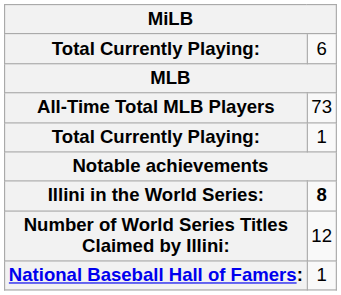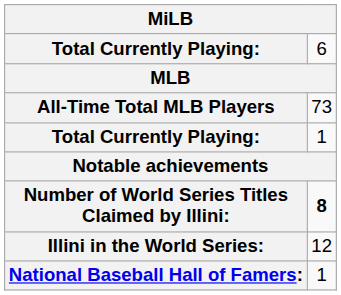 <table class="wikitable" style="text-align: center;">
 <tr>
 <th colspan="2">MiLB</th>
 </tr>
 <tr>
 <th>Total Currently Playing:</th>
 <td align=center>6</td>
 </tr>
 <tr>
 <th colspan="2">MLB</th>
 </tr>
 <tr>
 <th>All-Time Total MLB Players</th>
 <td align=center>73</td>
 </tr>
 <tr>
 <th>Total Currently Playing:</th>
 <td align=center>1</td>
 </tr>
 <tr>
 <th colspan="2">Notable achievements</th>
 </tr>
 <tr>
-<th>Illini in the World Series:</th>
+<th>Number of World Series Titles<br>Claimed by Illini:</th>
 <td align=center><strong>8</strong></td>
 </tr>
 <tr>
-<th>Number of World Series Titles<br>Claimed by Illini:</th>
+<th>Illini in the World Series:</th>
 <td align=center>12</td>
 </tr>
 <tr>
 <th><a href='#'>National Baseball Hall of Famers</a>:</th>
 <td align=center>1</td>
 </tr>
 </table>
